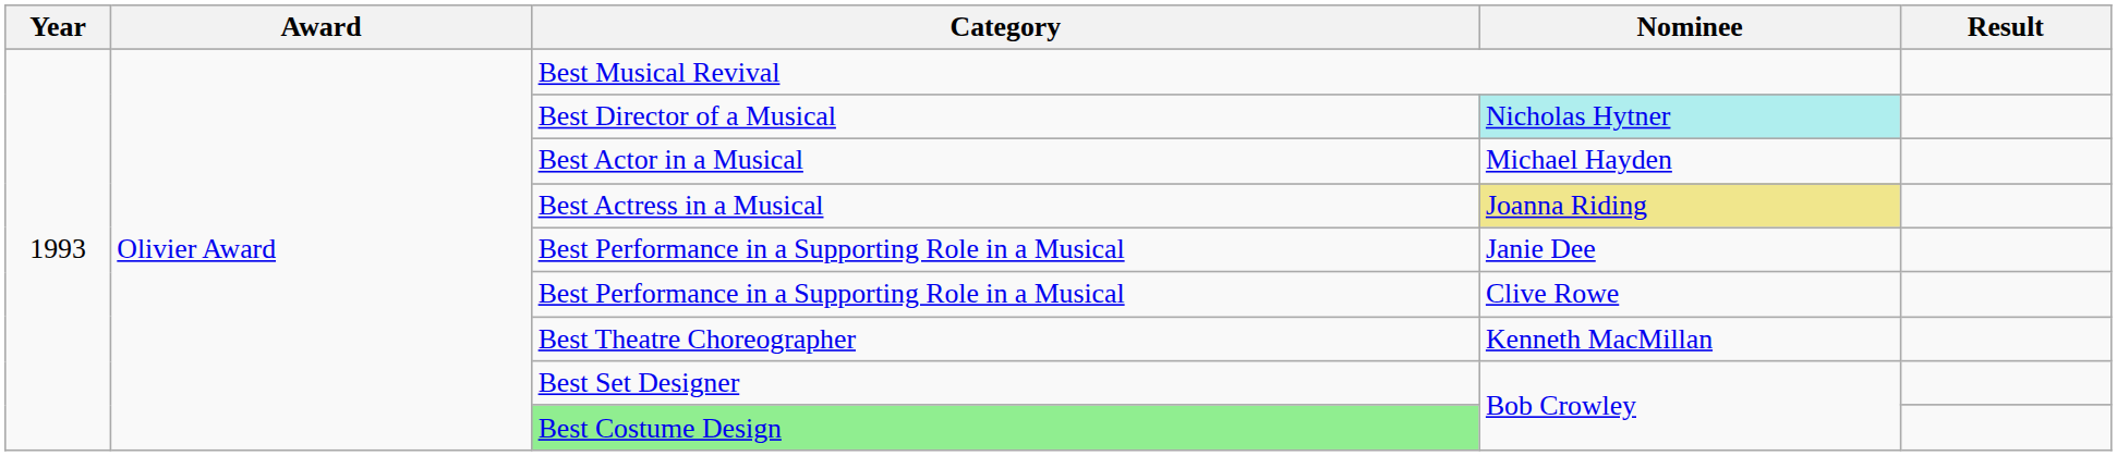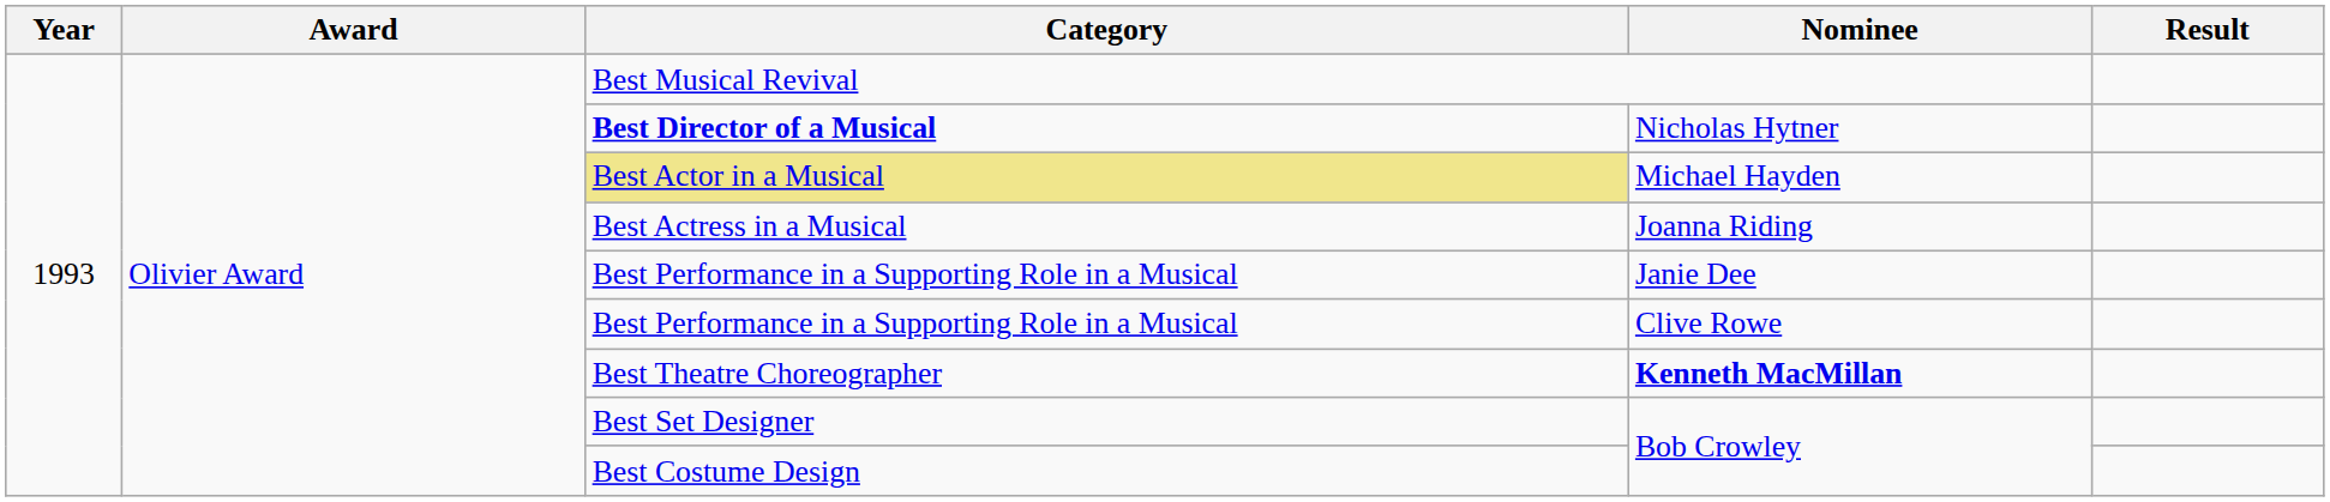 <table class="wikitable" style="width:95%;">
 <tr>
 <th style="width:5%;">Year</th>
 <th style="width:20%;">Award</th>
 <th style="width:45%;">Category</th>
 <th style="width:20%;">Nominee</th>
 <th style="width:10%;">Result</th>
 </tr>
 <tr>
 <td rowspan="9" align="center">1993</td>
 <td rowspan="9"><a href='#'>Olivier Award</a></td>
 <td colspan="2"><a href='#'>Best Musical Revival</a></td>
 <td></td>
 </tr>
 <tr>
-<td><a href='#'>Best Director of a Musical</a></td>
-<td style="background: paleturquoise;"><a href='#'>Nicholas Hytner</a></td>
+<td><strong><a href='#'>Best Director of a Musical</a></strong></td>
+<td><a href='#'>Nicholas Hytner</a></td>
 <td></td>
 </tr>
 <tr>
-<td><a href='#'>Best Actor in a Musical</a></td>
+<td style="background: khaki;"><a href='#'>Best Actor in a Musical</a></td>
 <td><a href='#'>Michael Hayden</a></td>
 <td></td>
 </tr>
 <tr>
 <td><a href='#'>Best Actress in a Musical</a></td>
-<td style="background: khaki;"><a href='#'>Joanna Riding</a></td>
+<td><a href='#'>Joanna Riding</a></td>
 <td></td>
 </tr>
 <tr>
 <td><a href='#'>Best Performance in a Supporting Role in a Musical</a></td>
 <td><a href='#'>Janie Dee</a></td>
 <td></td>
 </tr>
 <tr>
 <td><a href='#'>Best Performance in a Supporting Role in a Musical</a></td>
 <td><a href='#'>Clive Rowe</a></td>
 <td></td>
 </tr>
 <tr>
 <td><a href='#'>Best Theatre Choreographer</a></td>
-<td><a href='#'>Kenneth MacMillan</a></td>
+<td><strong><a href='#'>Kenneth MacMillan</a></strong></td>
 <td></td>
 </tr>
 <tr>
 <td><a href='#'>Best Set Designer</a></td>
 <td rowspan="2"><a href='#'>Bob Crowley</a></td>
 <td></td>
 </tr>
 <tr>
-<td style="background: lightgreen;"><a href='#'>Best Costume Design</a></td>
+<td><a href='#'>Best Costume Design</a></td>
 <td></td>
 </tr>
 </table>
